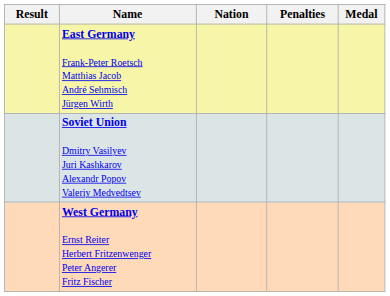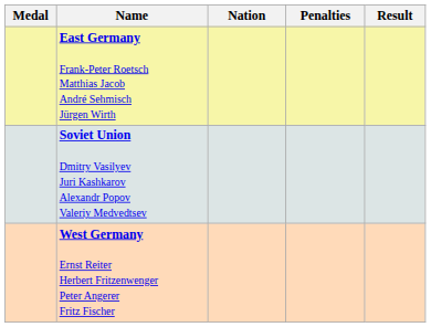 <table class=wikitable style="border:1px solid #AAAAAA;font-size:90%">
 <tr bgcolor="#E4E4E4">
-<th style="border-bottom:1px solid #AAAAAA" width=60>Result</th>
+<th style="border-bottom:1px solid #AAAAAA" width=50>Medal</th>
 <th style="border-bottom:1px solid #AAAAAA" width=160>Name</th>
 <th style="border-bottom:1px solid #AAAAAA" width=80>Nation</th>
 <th style="border-bottom:1px solid #AAAAAA" width=80>Penalties</th>
-<th style="border-bottom:1px solid #AAAAAA" width=50>Medal</th>
+<th style="border-bottom:1px solid #AAAAAA" width=60>Result</th>
 </tr>
 <tr bgcolor="#F7F6A8">
 <td align="center"></td>
 <td><strong><a href='#'>East Germany</a></strong><br><br><small><a href='#'>Frank-Peter Roetsch</a><br><a href='#'>Matthias Jacob</a><br><a href='#'>André Sehmisch</a><br><a href='#'>Jürgen Wirth</a></small></td>
 <td></td>
 <td align="center"></td>
 <td align="center"></td>
 </tr>
 <tr bgcolor="#DCE5E5">
-<td align="right"></td>
+<td align="center"></td>
 <td><strong><a href='#'>Soviet Union</a></strong><br><br><small><a href='#'>Dmitry Vasilyev</a><br><a href='#'>Juri Kashkarov</a><br><a href='#'>Alexandr Popov</a><br><a href='#'>Valeriy Medvedtsev</a></small></td>
 <td></td>
 <td align="center"></td>
-<td align="center"></td>
+<td align="right"></td>
 </tr>
 <tr bgcolor="#FFDAB9">
-<td align="right"></td>
+<td align="center"></td>
 <td><strong><a href='#'>West Germany</a></strong><br><br><small><a href='#'>Ernst Reiter</a><br><a href='#'>Herbert Fritzenwenger</a><br><a href='#'>Peter Angerer</a><br><a href='#'>Fritz Fischer</a></small></td>
 <td></td>
 <td align="center"></td>
-<td align="center"></td>
+<td align="right"></td>
 </tr>
 </table>
